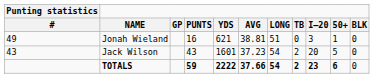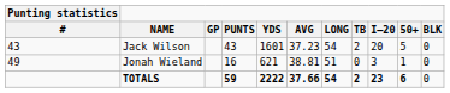 <table class="wikitable collapsible">
 <tr>
 <th style="text-align:center; ">Punting statistics</th>
 </tr>
 <tr>
 <th>#</th>
 <th>NAME</th>
 <th>GP</th>
 <th>PUNTS</th>
 <th>YDS</th>
 <th>AVG</th>
 <th>LONG</th>
 <th>TB</th>
 <th>I–20</th>
 <th>50+</th>
 <th>BLK</th>
 </tr>
 <tr>
+<td>43</td>
+<td>Jack Wilson</td>
+<td></td>
+<td>43</td>
+<td>1601</td>
+<td>37.23</td>
+<td>54</td>
+<td>2</td>
+<td>20</td>
+<td>5</td>
+<td>0</td>
+</tr>
+<tr>
 <td>49</td>
 <td>Jonah Wieland</td>
 <td></td>
 <td>16</td>
 <td>621</td>
 <td>38.81</td>
 <td>51</td>
 <td>0</td>
 <td>3</td>
 <td>1</td>
-<td>0</td>
-</tr>
-<tr>
-<td>43</td>
-<td>Jack Wilson</td>
-<td></td>
-<td>43</td>
-<td>1601</td>
-<td>37.23</td>
-<td>54</td>
-<td>2</td>
-<td>20</td>
-<td>5</td>
 <td>0</td>
 </tr>
 <tr>
 <td></td>
 <td><strong>TOTALS</strong></td>
 <td></td>
 <td><strong>59</strong></td>
 <td><strong>2222</strong></td>
 <td><strong>37.66</strong></td>
 <td><strong>54</strong></td>
 <td><strong>2</strong></td>
 <td><strong>23</strong></td>
 <td><strong>6</strong></td>
 <td>0</td>
 </tr>
 </table>
